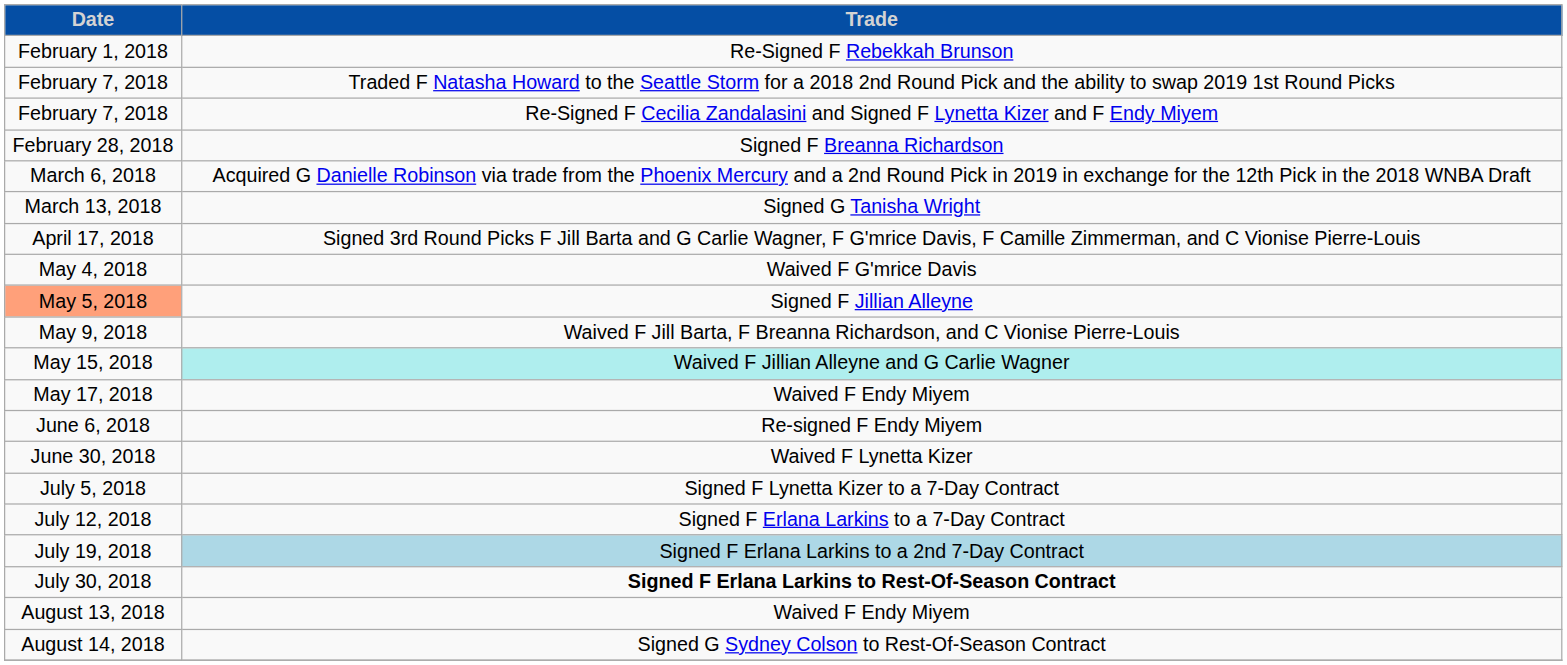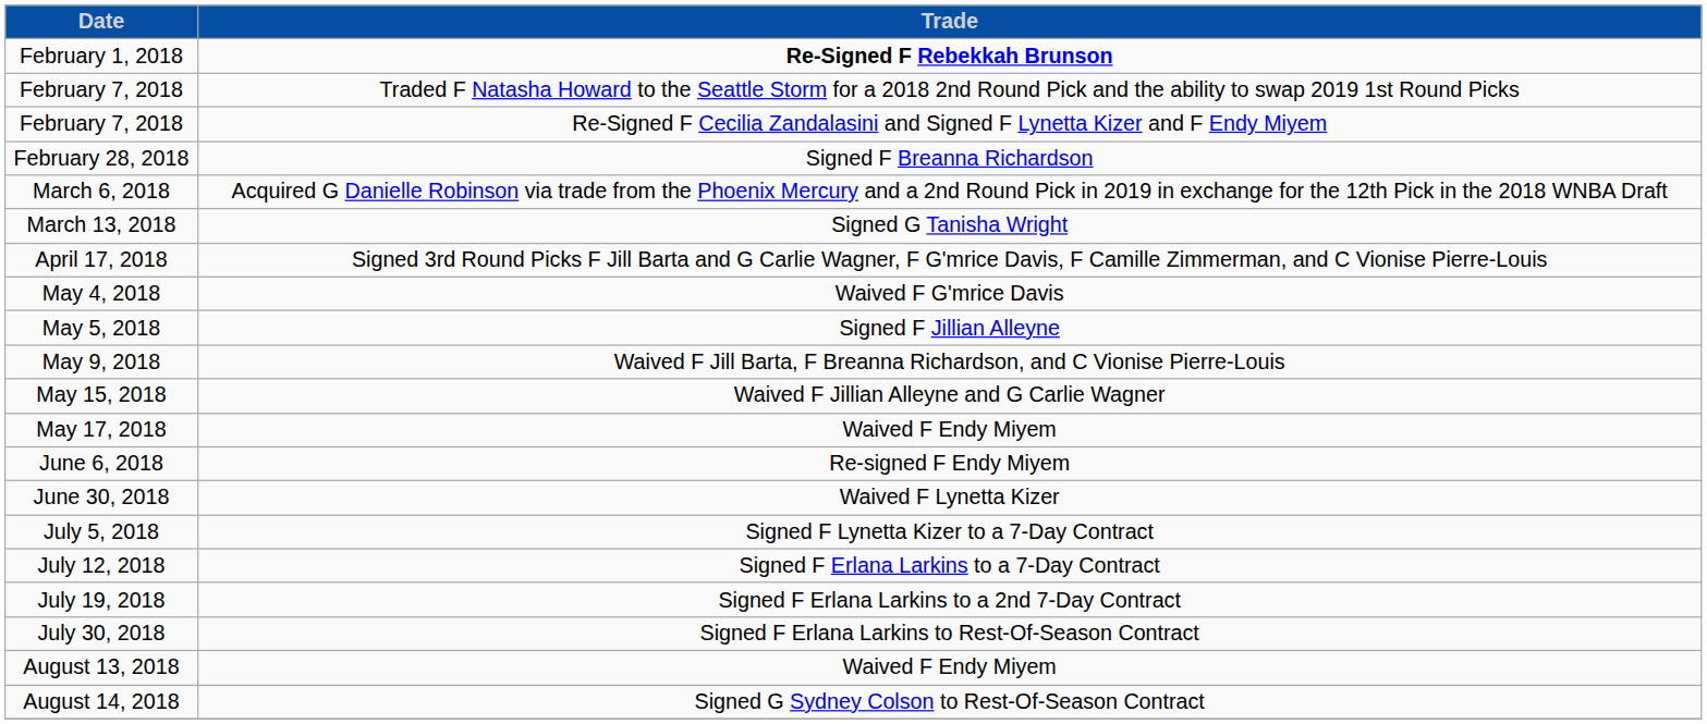 <table class="wikitable" style="width:80%; text-align: center">
 <tr>
 <th style="background:#054EA4;color:#D3D3D3; width=125">Date</th>
 <th style="background:#054EA4;color:#D3D3D3;" colspan="2">Trade</th>
 </tr>
 <tr>
 <td>February 1, 2018</td>
-<td>Re-Signed F <a href='#'>Rebekkah Brunson</a></td>
+<td><strong>Re-Signed F <a href='#'>Rebekkah Brunson</a></strong></td>
 </tr>
 <tr>
 <td>February 7, 2018</td>
 <td>Traded F <a href='#'>Natasha Howard</a> to the <a href='#'>Seattle Storm</a> for a 2018 2nd Round Pick and the ability to swap 2019 1st Round Picks </td>
 </tr>
 <tr>
 <td>February 7, 2018</td>
 <td>Re-Signed F <a href='#'>Cecilia Zandalasini</a> and Signed F <a href='#'>Lynetta Kizer</a> and F <a href='#'>Endy Miyem</a></td>
 </tr>
 <tr>
 <td>February 28, 2018</td>
 <td>Signed F <a href='#'>Breanna Richardson</a></td>
 </tr>
 <tr>
 <td>March 6, 2018</td>
 <td>Acquired G <a href='#'>Danielle Robinson</a> via trade from the <a href='#'>Phoenix Mercury</a> and a 2nd Round Pick in 2019 in exchange for the 12th Pick in the 2018 WNBA Draft </td>
 </tr>
 <tr>
 <td>March 13, 2018</td>
 <td>Signed G <a href='#'>Tanisha Wright</a></td>
 </tr>
 <tr>
 <td>April 17, 2018</td>
 <td>Signed 3rd Round Picks F Jill Barta and G Carlie Wagner, F G'mrice Davis, F Camille Zimmerman, and C Vionise Pierre-Louis </td>
 </tr>
 <tr>
 <td>May 4, 2018</td>
 <td>Waived F G'mrice Davis </td>
 </tr>
 <tr>
-<td style="background: lightsalmon;">May 5, 2018</td>
+<td>May 5, 2018</td>
 <td>Signed F <a href='#'>Jillian Alleyne</a></td>
 </tr>
 <tr>
 <td>May 9, 2018</td>
 <td>Waived F Jill Barta, F Breanna Richardson, and C Vionise Pierre-Louis </td>
 </tr>
 <tr>
 <td>May 15, 2018</td>
-<td style="background: paleturquoise;">Waived F Jillian Alleyne and G Carlie Wagner </td>
+<td>Waived F Jillian Alleyne and G Carlie Wagner </td>
 </tr>
 <tr>
 <td>May 17, 2018</td>
 <td>Waived F Endy Miyem </td>
 </tr>
 <tr>
 <td>June 6, 2018</td>
 <td>Re-signed F Endy Miyem </td>
 </tr>
 <tr>
 <td>June 30, 2018</td>
 <td>Waived F Lynetta Kizer</td>
 </tr>
 <tr>
 <td>July 5, 2018</td>
 <td>Signed F Lynetta Kizer to a 7-Day Contract</td>
 </tr>
 <tr>
 <td>July 12, 2018</td>
 <td>Signed F <a href='#'>Erlana Larkins</a> to a 7-Day Contract </td>
 </tr>
 <tr>
 <td>July 19, 2018</td>
-<td style="background: lightblue;">Signed F Erlana Larkins to a 2nd 7-Day Contract</td>
+<td>Signed F Erlana Larkins to a 2nd 7-Day Contract</td>
 </tr>
 <tr>
 <td>July 30, 2018</td>
-<td><strong>Signed F Erlana Larkins to Rest-Of-Season Contract</strong></td>
+<td>Signed F Erlana Larkins to Rest-Of-Season Contract</td>
 </tr>
 <tr>
 <td>August 13, 2018</td>
 <td>Waived F Endy Miyem</td>
 </tr>
 <tr>
 <td>August 14, 2018</td>
 <td>Signed G <a href='#'>Sydney Colson</a> to Rest-Of-Season Contract</td>
 </tr>
 <tr>
 </tr>
 </table>
